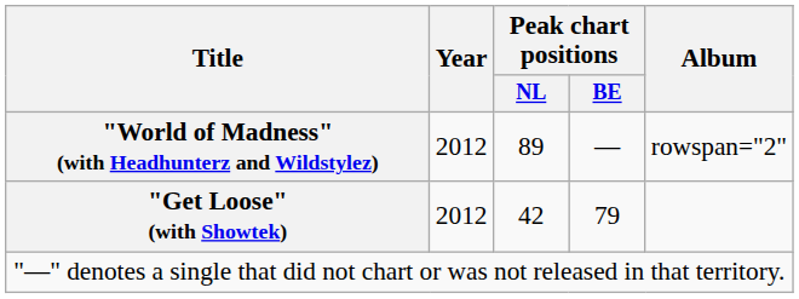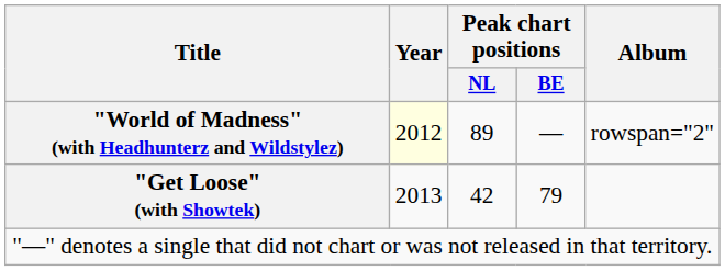 <table class="wikitable plainrowheaders" style="text-align:center;">
 <tr>
 <th rowspan="2" scope="col" style="width:16em;">Title</th>
 <th rowspan="2" scope="col" style="width:1em;">Year</th>
 <th colspan="2" scope="col">Peak chart positions</th>
 <th rowspan="2">Album</th>
 </tr>
 <tr>
 <th scope="col" style="width:3em;font-size:85%;"><a href='#'>NL</a><br></th>
 <th scope="col" style="width:3em;font-size:85%;"><a href='#'>BE</a><br></th>
 </tr>
 <tr>
 <th scope="row">"World of Madness"<br><small>(with <a href='#'>Headhunterz</a> and <a href='#'>Wildstylez</a>)</small></th>
-<td>2012</td>
+<td style="background: lightyellow;">2012</td>
 <td>89</td>
 <td>—</td>
 <td>rowspan="2" </td>
 </tr>
 <tr>
 <th scope="row">"Get Loose"<br><small>(with <a href='#'>Showtek</a>)</small></th>
-<td>2012</td>
+<td>2013</td>
 <td>42</td>
 <td>79</td>
 </tr>
 <tr>
 <td colspan="5">"—" denotes a single that did not chart or was not released in that territory.</td>
 </tr>
 </table>
